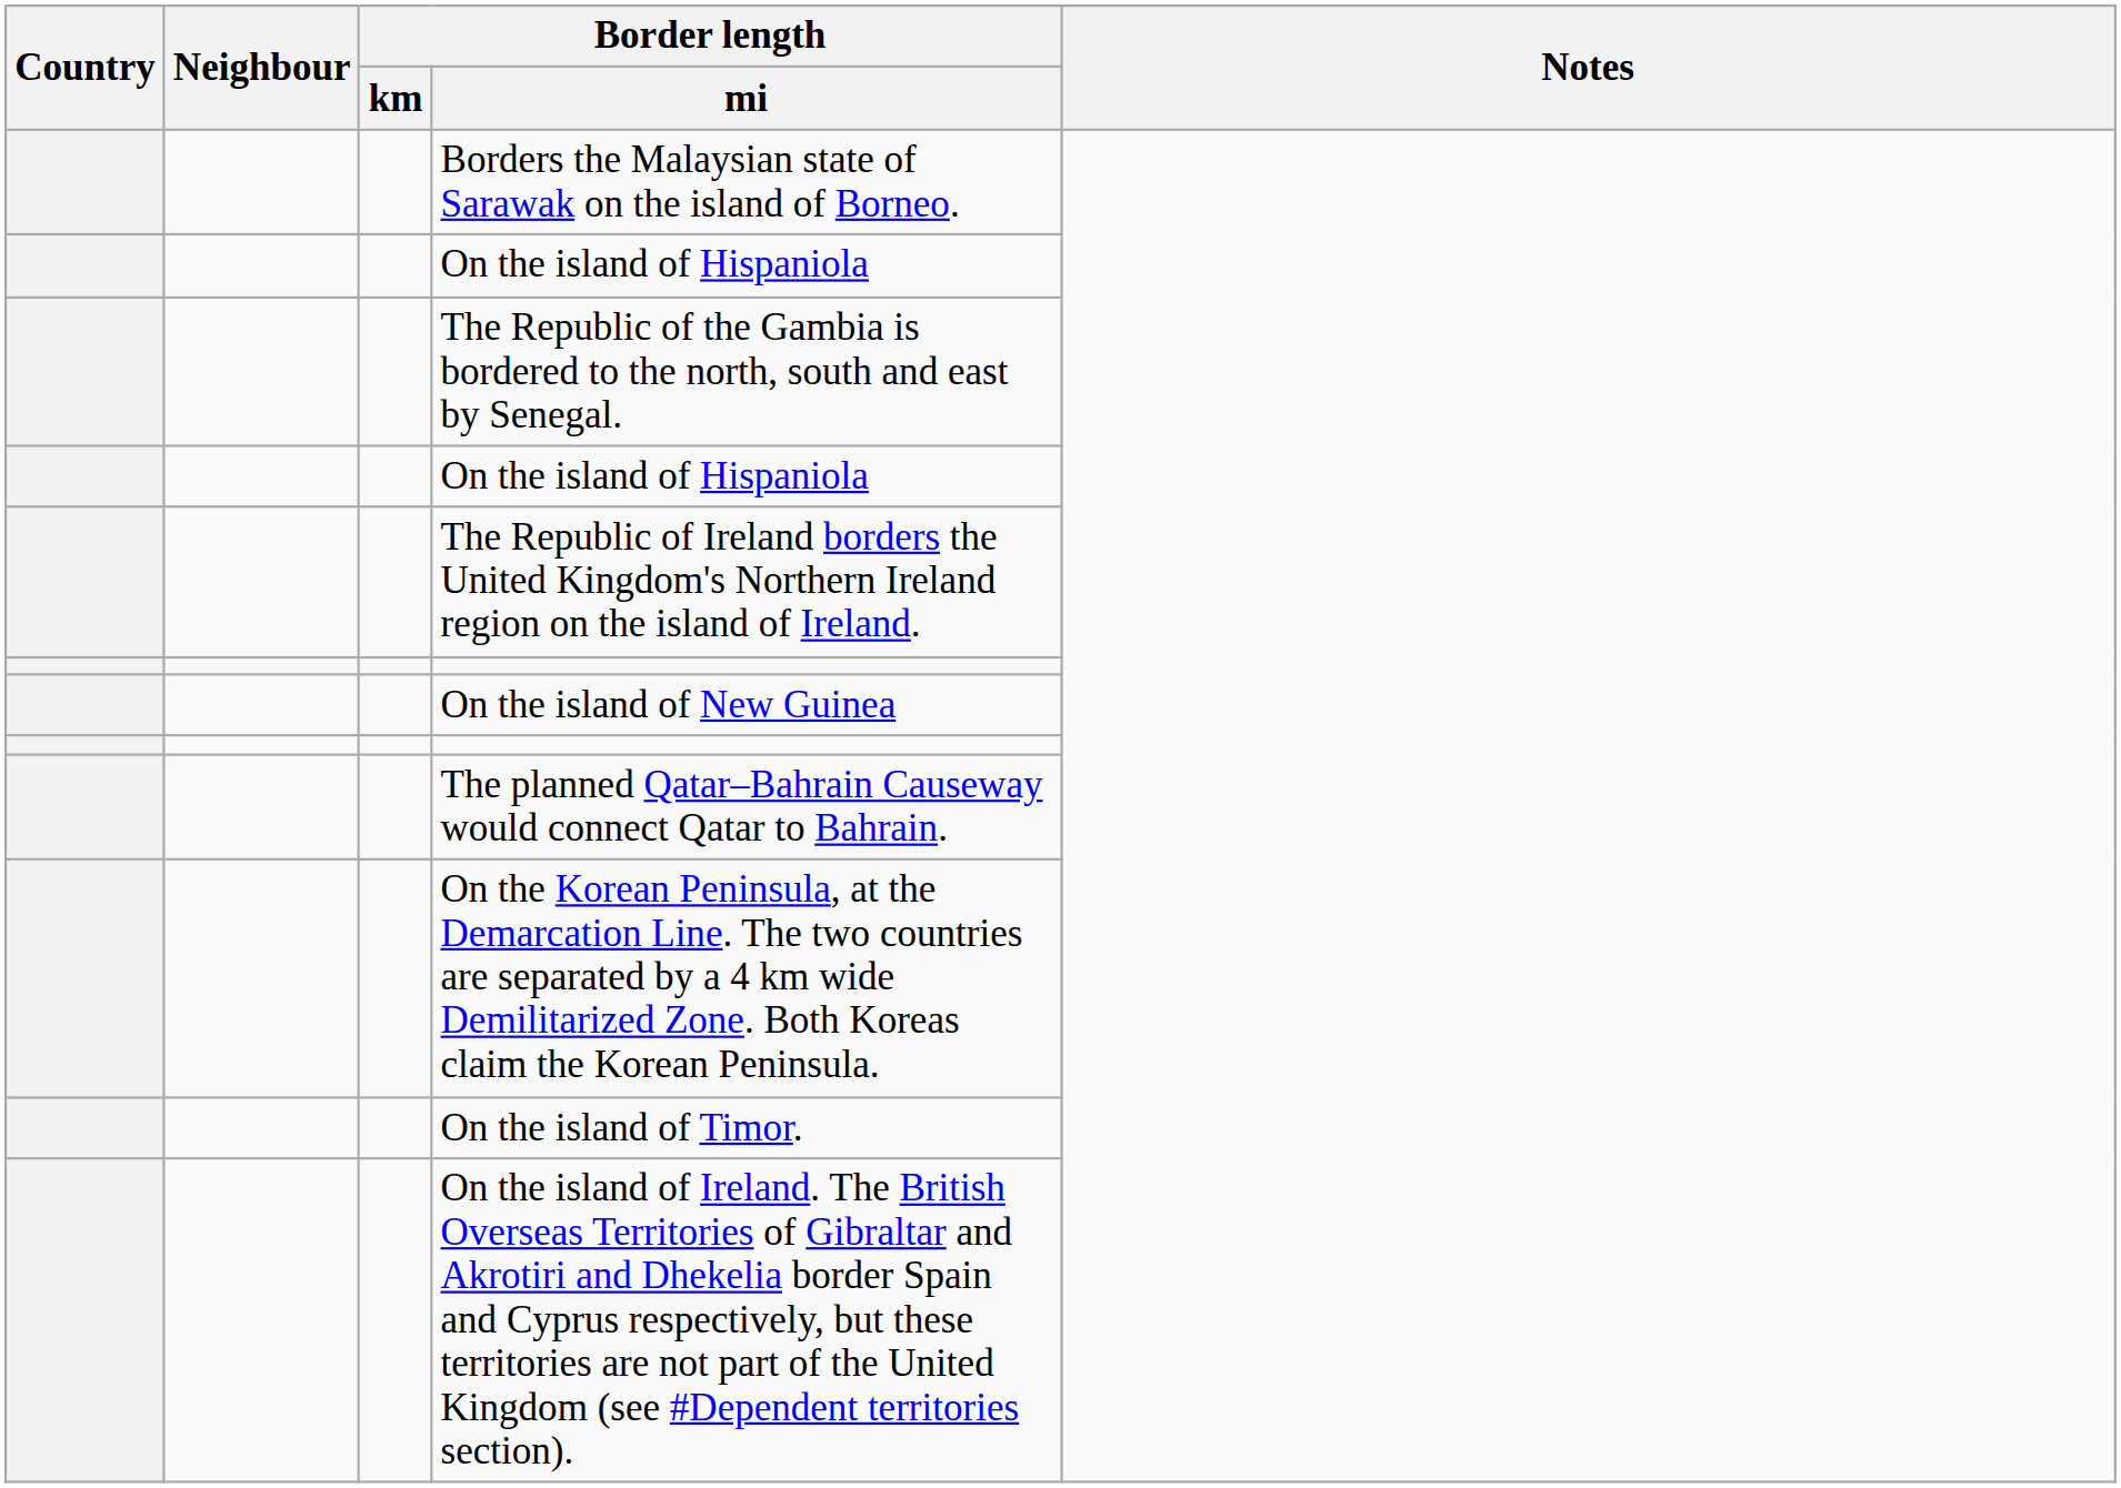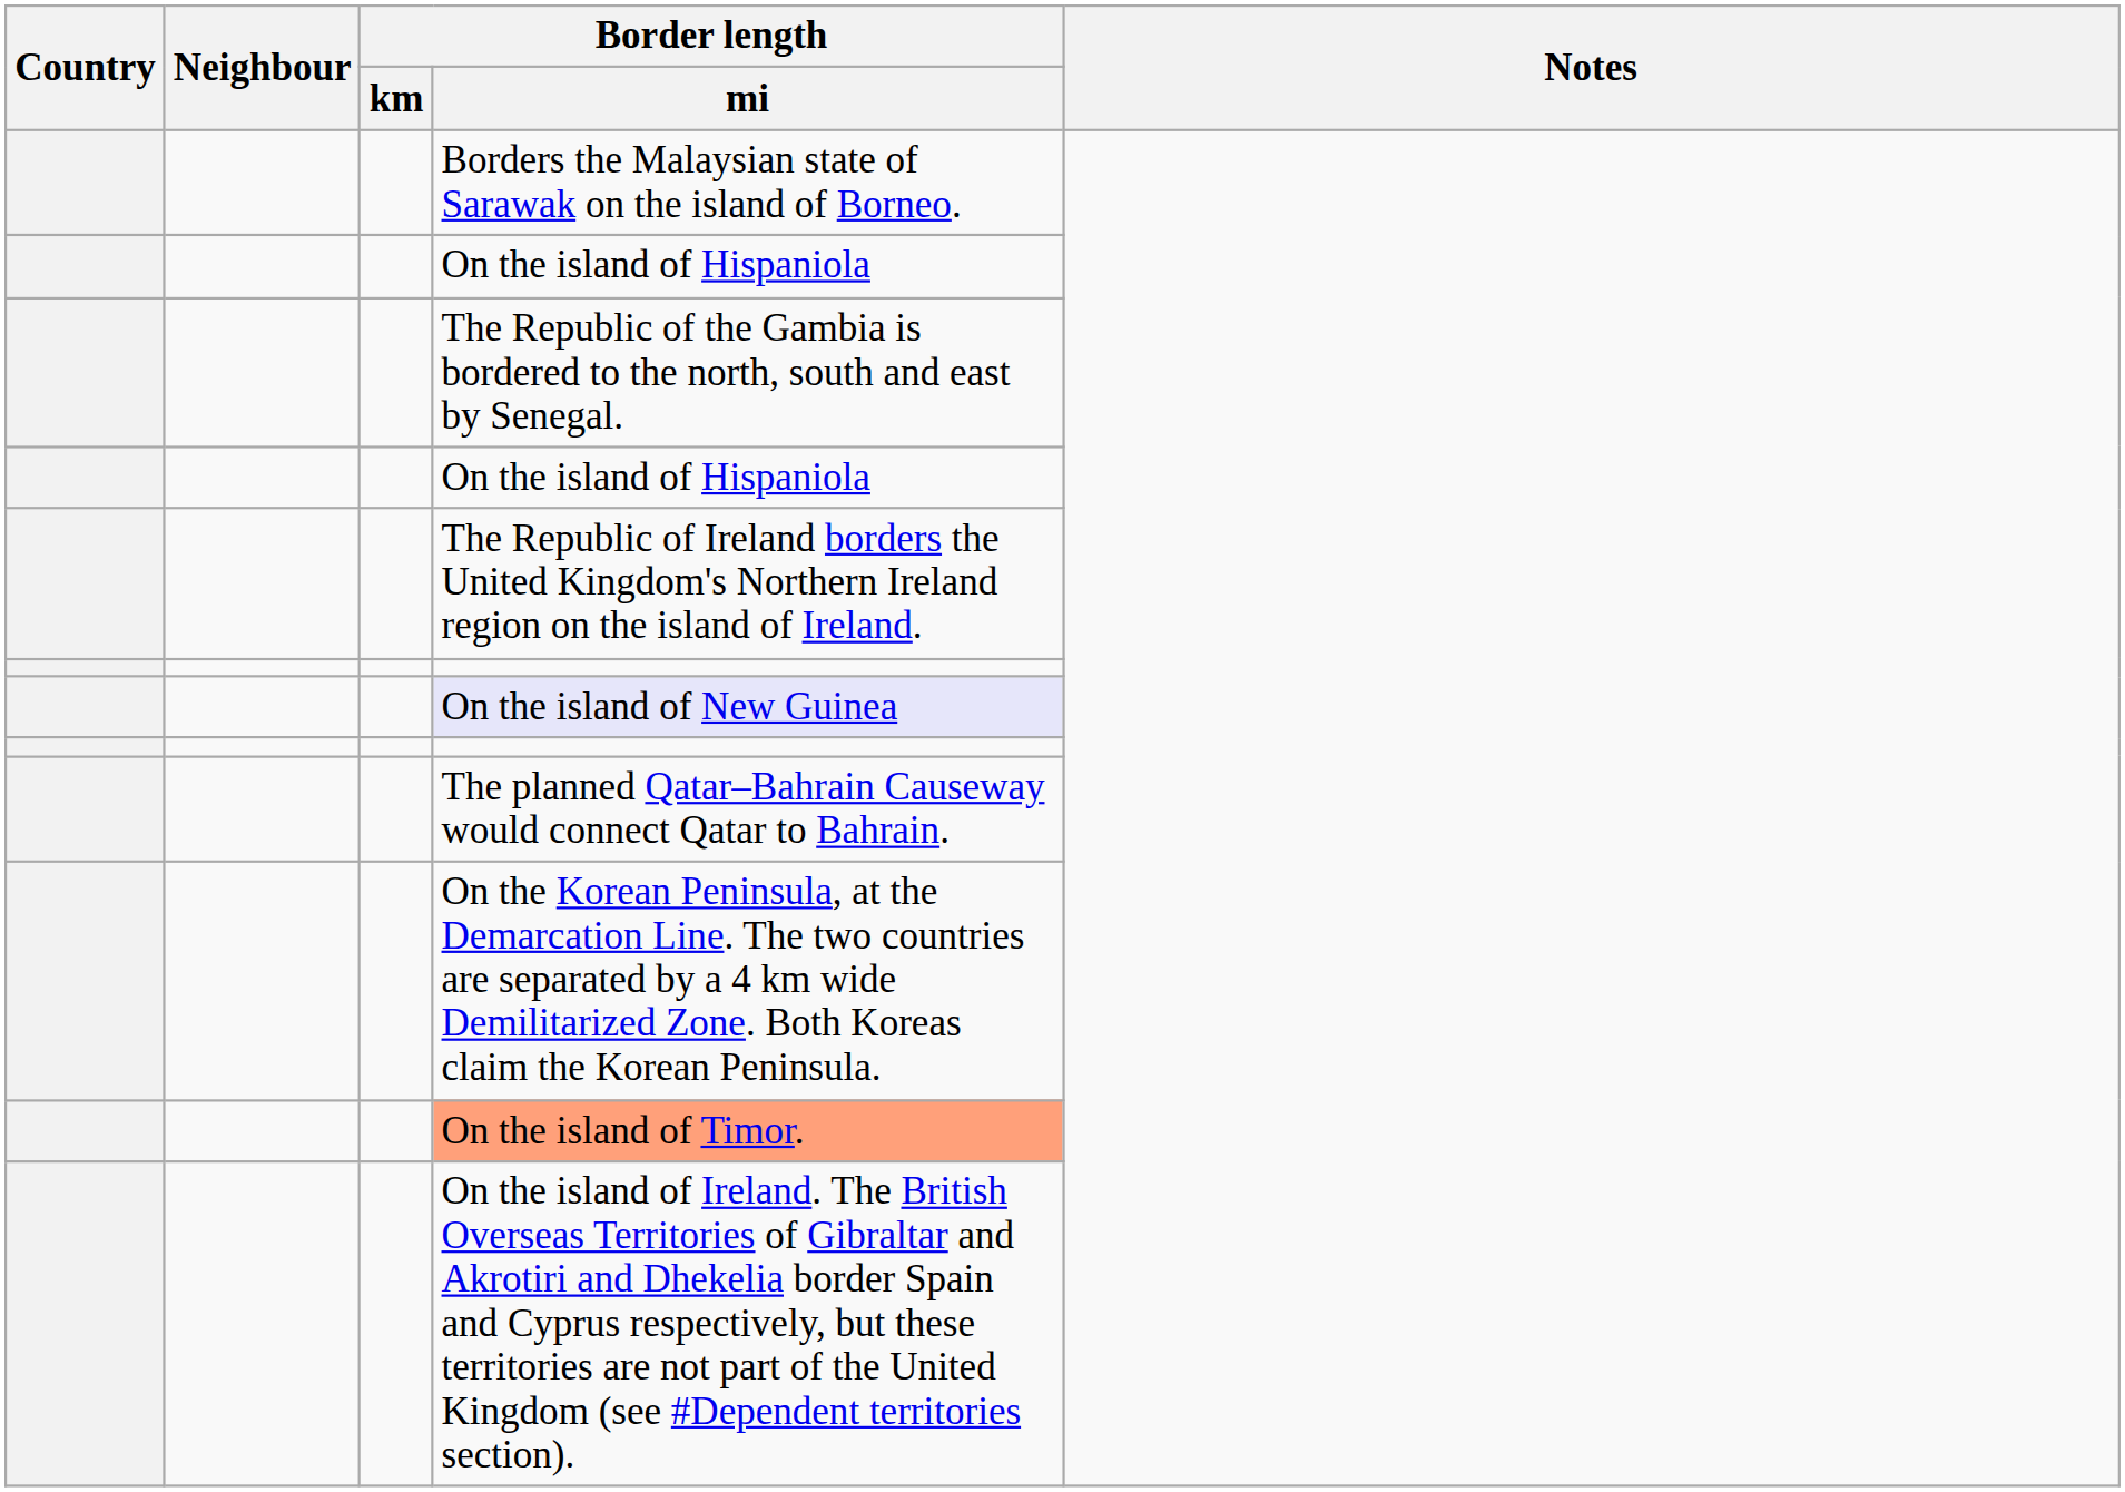 <table class="wikitable sortable plainrowheaders">
 <tr>
 <th scope="col" rowspan=2>Country</th>
 <th scope="col" rowspan=2>Neighbour</th>
 <th scope="col" colspan=2>Border length</th>
 <th scope="col" rowspan=2 class="unsortable" style="width: 50%">Notes</th>
 </tr>
 <tr>
 <th scope="col">km</th>
 <th scope="col">mi</th>
 </tr>
 <tr>
 <th scope="row"></th>
 <td></td>
 <td></td>
 <td>Borders the Malaysian state of <a href='#'>Sarawak</a> on the island of <a href='#'>Borneo</a>.</td>
 </tr>
 <tr>
 <th scope="row"></th>
 <td></td>
 <td></td>
 <td>On the island of <a href='#'>Hispaniola</a></td>
 </tr>
 <tr>
 <th scope="row"></th>
 <td></td>
 <td></td>
 <td>The Republic of the Gambia is bordered to the north, south and east by Senegal.</td>
 </tr>
 <tr>
 <th scope="row"></th>
 <td></td>
 <td></td>
 <td>On the island of <a href='#'>Hispaniola</a></td>
 </tr>
 <tr>
 <th scope="row"></th>
 <td></td>
 <td></td>
 <td>The Republic of Ireland <a href='#'>borders</a> the United Kingdom's Northern Ireland region on the island of <a href='#'>Ireland</a>.</td>
 </tr>
 <tr>
 <th scope="row"></th>
 <td></td>
 <td></td>
 <td></td>
 </tr>
 <tr>
 <th scope="row"></th>
 <td></td>
 <td></td>
-<td>On the island of <a href='#'>New Guinea</a></td>
+<td style="background: lavender;">On the island of <a href='#'>New Guinea</a></td>
 </tr>
 <tr>
 <th scope="row"></th>
 <td></td>
 <td></td>
 <td></td>
 </tr>
 <tr>
 <th scope="row"></th>
 <td></td>
 <td></td>
 <td>The planned <a href='#'>Qatar–Bahrain Causeway</a> would connect Qatar to <a href='#'>Bahrain</a>.</td>
 </tr>
 <tr>
 <th scope="row"></th>
 <td></td>
 <td></td>
 <td>On the <a href='#'>Korean Peninsula</a>, at the <a href='#'>Demarcation Line</a>.  The two countries are separated by a 4 km wide <a href='#'>Demilitarized Zone</a>. Both Koreas claim the Korean Peninsula.</td>
 </tr>
 <tr>
 <th scope="row"></th>
 <td></td>
 <td></td>
-<td>On the island of <a href='#'>Timor</a>.</td>
+<td style="background: lightsalmon;">On the island of <a href='#'>Timor</a>.</td>
 </tr>
 <tr>
 <th scope="row"></th>
 <td></td>
 <td></td>
 <td>On the island of <a href='#'>Ireland</a>. The <a href='#'>British Overseas Territories</a> of <a href='#'>Gibraltar</a> and <a href='#'>Akrotiri and Dhekelia</a> border Spain and Cyprus respectively, but these territories are not part of the United Kingdom (see <a href='#'>#Dependent territories</a> section).</td>
 </tr>
 </table>
